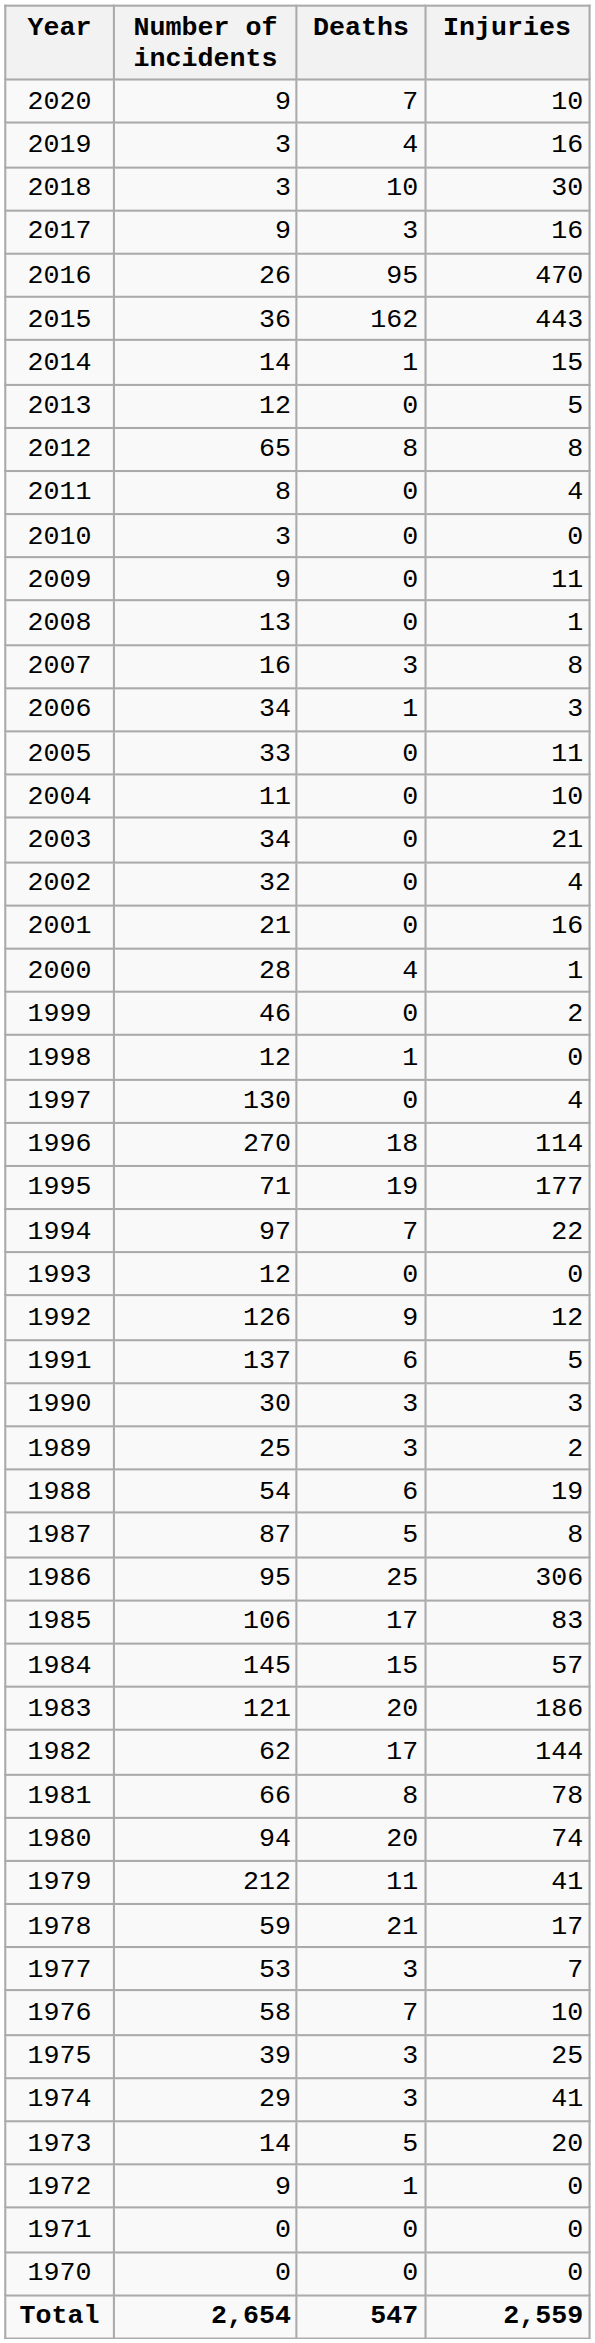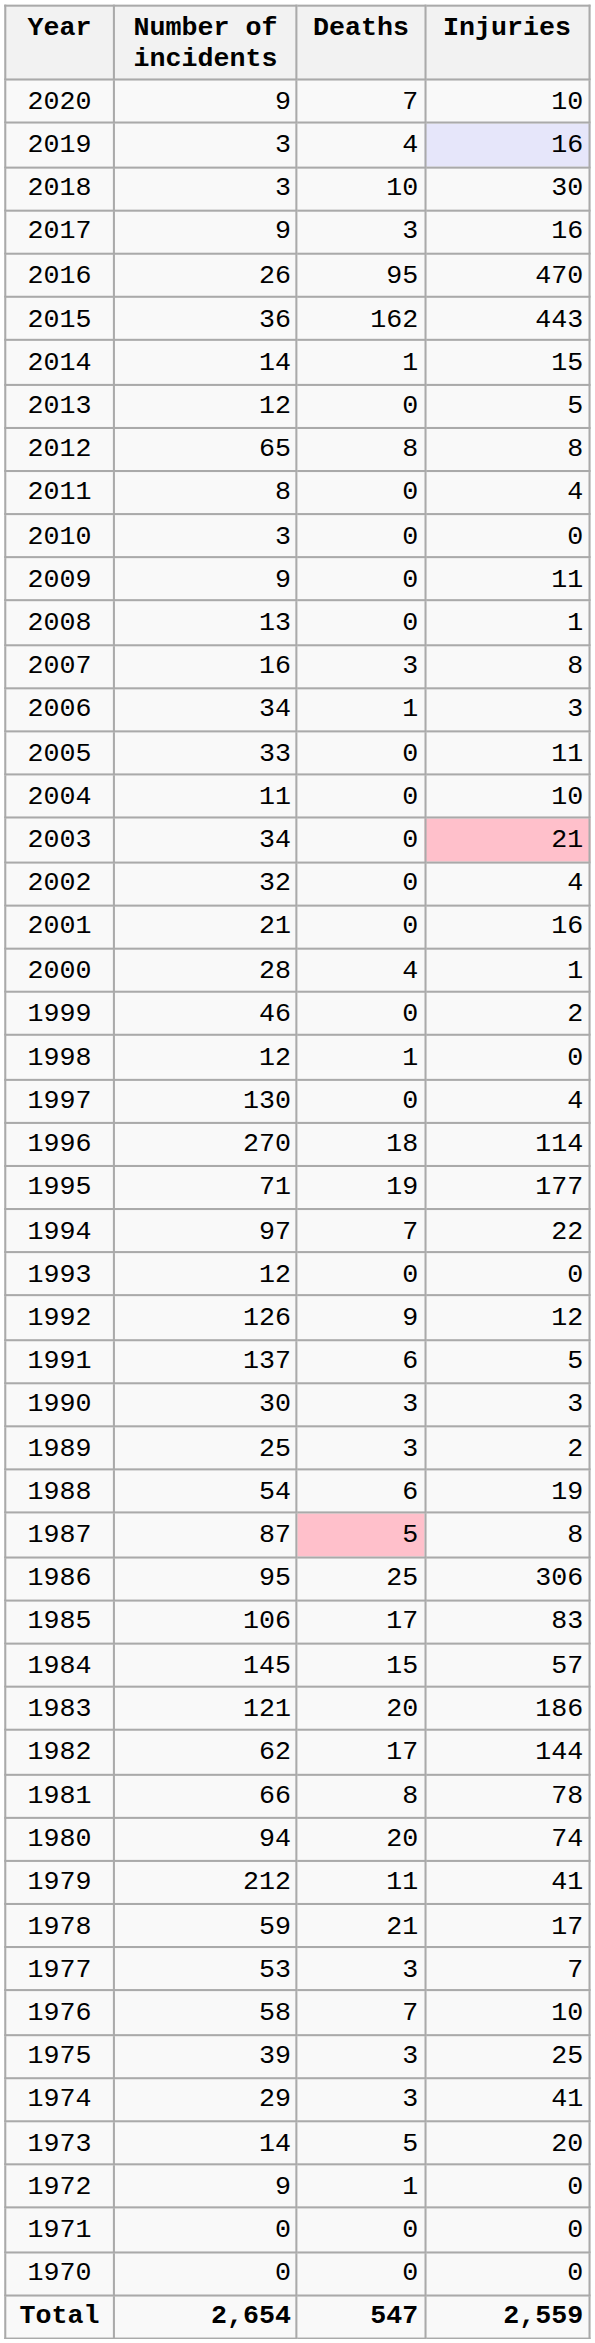 <table class="wikitable sortable collapsible collapsed" style="text-align:right; float:right; min-width:22em">
 <tr style="background:#ececec; vertical-align:top;">
 <th>Year</th>
 <th>Number of<br>incidents</th>
 <th>Deaths</th>
 <th>Injuries</th>
 </tr>
 <tr>
 <td align=center>2020</td>
 <td>9</td>
 <td>7</td>
 <td>10</td>
 </tr>
 <tr>
 <td align=center>2019</td>
 <td>3</td>
 <td>4</td>
-<td>16</td>
+<td style="background: lavender;">16</td>
 </tr>
 <tr>
 <td align=center>2018</td>
 <td>3</td>
 <td>10</td>
 <td>30</td>
 </tr>
 <tr>
 <td align=center>2017</td>
 <td>9</td>
 <td>3</td>
 <td>16</td>
 </tr>
 <tr>
 <td align=center>2016</td>
 <td>26</td>
 <td>95</td>
 <td>470</td>
 </tr>
 <tr>
 <td align=center>2015</td>
 <td>36</td>
 <td>162</td>
 <td>443</td>
 </tr>
 <tr>
 <td align=center>2014</td>
 <td>14</td>
 <td>1</td>
 <td>15</td>
 </tr>
 <tr>
 <td align=center>2013</td>
 <td>12</td>
 <td>0</td>
 <td>5</td>
 </tr>
 <tr>
 <td align=center>2012</td>
 <td>65</td>
 <td>8</td>
 <td>8</td>
 </tr>
 <tr>
 <td align=center>2011</td>
 <td>8</td>
 <td>0</td>
 <td>4</td>
 </tr>
 <tr>
 <td align=center>2010</td>
 <td>3</td>
 <td>0</td>
 <td>0</td>
 </tr>
 <tr>
 <td align=center>2009</td>
 <td>9</td>
 <td>0</td>
 <td>11</td>
 </tr>
 <tr>
 <td align=center>2008</td>
 <td>13</td>
 <td>0</td>
 <td>1</td>
 </tr>
 <tr>
 <td align=center>2007</td>
 <td>16</td>
 <td>3</td>
 <td>8</td>
 </tr>
 <tr>
 <td align=center>2006</td>
 <td>34</td>
 <td>1</td>
 <td>3</td>
 </tr>
 <tr>
 <td align=center>2005</td>
 <td>33</td>
 <td>0</td>
 <td>11</td>
 </tr>
 <tr>
 <td align=center>2004</td>
 <td>11</td>
 <td>0</td>
 <td>10</td>
 </tr>
 <tr>
 <td align=center>2003</td>
 <td>34</td>
 <td>0</td>
-<td>21</td>
+<td style="background: pink;">21</td>
 </tr>
 <tr>
 <td align=center>2002</td>
 <td>32</td>
 <td>0</td>
 <td>4</td>
 </tr>
 <tr>
 <td align=center>2001</td>
 <td>21</td>
 <td>0</td>
 <td>16</td>
 </tr>
 <tr>
 <td align=center>2000</td>
 <td>28</td>
 <td>4</td>
 <td>1</td>
 </tr>
 <tr>
 <td align=center>1999</td>
 <td>46</td>
 <td>0</td>
 <td>2</td>
 </tr>
 <tr>
 <td align=center>1998</td>
 <td>12</td>
 <td>1</td>
 <td>0</td>
 </tr>
 <tr>
 <td align=center>1997</td>
 <td>130</td>
 <td>0</td>
 <td>4</td>
 </tr>
 <tr>
 <td align=center>1996</td>
 <td>270</td>
 <td>18</td>
 <td>114</td>
 </tr>
 <tr>
 <td align=center>1995</td>
 <td>71</td>
 <td>19</td>
 <td>177</td>
 </tr>
 <tr>
 <td align=center>1994</td>
 <td>97</td>
 <td>7</td>
 <td>22</td>
 </tr>
 <tr>
 <td align=center>1993</td>
 <td>12</td>
 <td>0</td>
 <td>0</td>
 </tr>
 <tr>
 <td align=center>1992</td>
 <td>126</td>
 <td>9</td>
 <td>12</td>
 </tr>
 <tr>
 <td align=center>1991</td>
 <td>137</td>
 <td>6</td>
 <td>5</td>
 </tr>
 <tr>
 <td align=center>1990</td>
 <td>30</td>
 <td>3</td>
 <td>3</td>
 </tr>
 <tr>
 <td align=center>1989</td>
 <td>25</td>
 <td>3</td>
 <td>2</td>
 </tr>
 <tr>
 <td align=center>1988</td>
 <td>54</td>
 <td>6</td>
 <td>19</td>
 </tr>
 <tr>
 <td align=center>1987</td>
 <td>87</td>
-<td>5</td>
+<td style="background: pink;">5</td>
 <td>8</td>
 </tr>
 <tr>
 <td align=center>1986</td>
 <td>95</td>
 <td>25</td>
 <td>306</td>
 </tr>
 <tr>
 <td align=center>1985</td>
 <td>106</td>
 <td>17</td>
 <td>83</td>
 </tr>
 <tr>
 <td align=center>1984</td>
 <td>145</td>
 <td>15</td>
 <td>57</td>
 </tr>
 <tr>
 <td align=center>1983</td>
 <td>121</td>
 <td>20</td>
 <td>186</td>
 </tr>
 <tr>
 <td align=center>1982</td>
 <td>62</td>
 <td>17</td>
 <td>144</td>
 </tr>
 <tr>
 <td align=center>1981</td>
 <td>66</td>
 <td>8</td>
 <td>78</td>
 </tr>
 <tr>
 <td align=center>1980</td>
 <td>94</td>
 <td>20</td>
 <td>74</td>
 </tr>
 <tr>
 <td align=center>1979</td>
 <td>212</td>
 <td>11</td>
 <td>41</td>
 </tr>
 <tr>
 <td align=center>1978</td>
 <td>59</td>
 <td>21</td>
 <td>17</td>
 </tr>
 <tr>
 <td align=center>1977</td>
 <td>53</td>
 <td>3</td>
 <td>7</td>
 </tr>
 <tr>
 <td align=center>1976</td>
 <td>58</td>
 <td>7</td>
 <td>10</td>
 </tr>
 <tr>
 <td align=center>1975</td>
 <td>39</td>
 <td>3</td>
 <td>25</td>
 </tr>
 <tr>
 <td align=center>1974</td>
 <td>29</td>
 <td>3</td>
 <td>41</td>
 </tr>
 <tr>
 <td align=center>1973</td>
 <td>14</td>
 <td>5</td>
 <td>20</td>
 </tr>
 <tr>
 <td align=center>1972</td>
 <td>9</td>
 <td>1</td>
 <td>0</td>
 </tr>
 <tr>
 <td align=center>1971</td>
 <td>0</td>
 <td>0</td>
 <td>0</td>
 </tr>
 <tr>
 <td align=center>1970</td>
 <td>0</td>
 <td>0</td>
 <td>0</td>
 </tr>
 <tr>
 <td align=center><strong>Total</strong></td>
 <td><strong>2,654</strong></td>
 <td><strong>547</strong></td>
 <td><strong>2,559</strong></td>
 </tr>
 </table>
